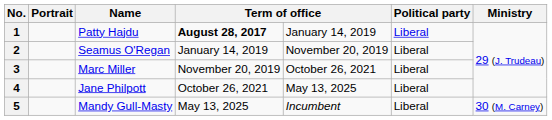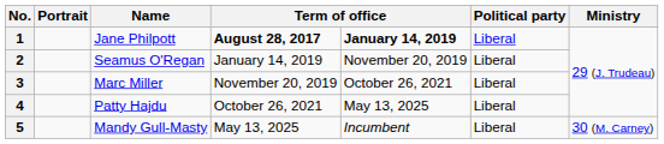 <table class="wikitable">
 <tr>
 <th>No.</th>
 <th>Portrait</th>
 <th>Name</th>
 <th colspan=2>Term of office</th>
 <th>Political party</th>
 <th>Ministry</th>
 </tr>
 <tr>
 <th style="background:">1</th>
 <td></td>
-<td><a href='#'>Patty Hajdu</a></td>
+<td><a href='#'>Jane Philpott</a></td>
 <td><strong>August 28, 2017</strong></td>
-<td>January 14, 2019</td>
+<td><strong>January 14, 2019</strong></td>
 <td><a href='#'>Liberal</a></td>
 <td rowspan=4><a href='#'>29</a> <small>(<a href='#'>J. Trudeau</a>)</small></td>
 </tr>
 <tr>
 <th style="background:">2</th>
 <td></td>
 <td><a href='#'>Seamus O'Regan</a></td>
 <td>January 14, 2019</td>
 <td>November 20, 2019</td>
 <td>Liberal</td>
 </tr>
 <tr>
 <th style="background:">3</th>
 <td></td>
 <td><a href='#'>Marc Miller</a></td>
 <td>November 20, 2019</td>
 <td>October 26, 2021</td>
 <td>Liberal</td>
 </tr>
 <tr>
 <th style="background:">4</th>
 <td></td>
-<td><a href='#'>Jane Philpott</a></td>
+<td><a href='#'>Patty Hajdu</a></td>
 <td>October 26, 2021</td>
 <td>May 13, 2025</td>
 <td>Liberal</td>
 </tr>
 <tr>
 <th style="background:">5</th>
 <td></td>
 <td><a href='#'>Mandy Gull-Masty</a></td>
 <td>May 13, 2025</td>
 <td><em>Incumbent</em></td>
 <td>Liberal</td>
 <td><a href='#'>30</a> <small>(<a href='#'>M. Carney</a>)</small></td>
 </tr>
 </table>
